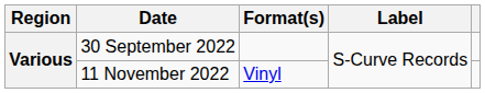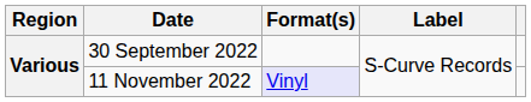 <table class="wikitable sortable plainrowheaders">
 <tr>
 <th scope="col">Region</th>
 <th scope="col">Date</th>
 <th scope="col">Format(s)</th>
 <th scope="col">Label</th>
 <th scope="col"></th>
 </tr>
 <tr>
 <th rowspan="2" scope="row">Various</th>
 <td>30 September 2022</td>
 <td></td>
 <td rowspan="2">S-Curve Records</td>
 <td></td>
 </tr>
 <tr>
 <td>11 November 2022</td>
-<td><a href='#'>Vinyl</a></td>
+<td style="background: lavender;"><a href='#'>Vinyl</a></td>
 <td></td>
 </tr>
 </table>
